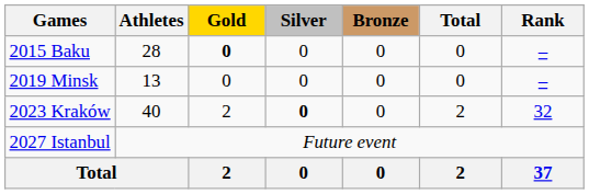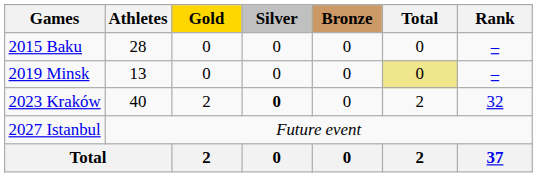 <table class="wikitable" style="text-align:center; font-size:90%;">
 <tr>
 <th>Games</th>
 <th>Athletes</th>
 <td style="background:gold; width:3.7em; font-weight:bold;">Gold</td>
 <td style="background:silver; width:3.7em; font-weight:bold;">Silver</td>
 <td style="background:#cc9966; width:3.7em; font-weight:bold;">Bronze</td>
 <th style="width:4em; font-weight:bold;">Total</th>
 <th style="width:4em; font-weight:bold;">Rank</th>
 </tr>
 <tr>
 <td align=left> <a href='#'>2015 Baku</a></td>
 <td>28</td>
-<td><strong>0</strong></td>
+<td>0</td>
 <td>0</td>
 <td>0</td>
 <td>0</td>
 <td><a href='#'>–</a></td>
 </tr>
 <tr>
 <td align=left> <a href='#'>2019 Minsk</a></td>
 <td>13</td>
 <td>0</td>
 <td>0</td>
 <td>0</td>
-<td>0</td>
+<td style="background: khaki;">0</td>
 <td><a href='#'>–</a></td>
 </tr>
 <tr>
 <td align=left> <a href='#'>2023 Kraków</a></td>
 <td>40</td>
 <td>2</td>
 <td><strong>0</strong></td>
 <td>0</td>
 <td>2</td>
 <td><a href='#'>32</a></td>
 </tr>
 <tr>
 <td align=left> <a href='#'>2027 Istanbul</a></td>
 <td colspan=6><em>Future event</em></td>
 </tr>
 <tr>
 <th colspan=2>Total</th>
 <th>2</th>
 <th>0</th>
 <th>0</th>
 <th>2</th>
 <th><a href='#'>37</a></th>
 </tr>
 </table>
